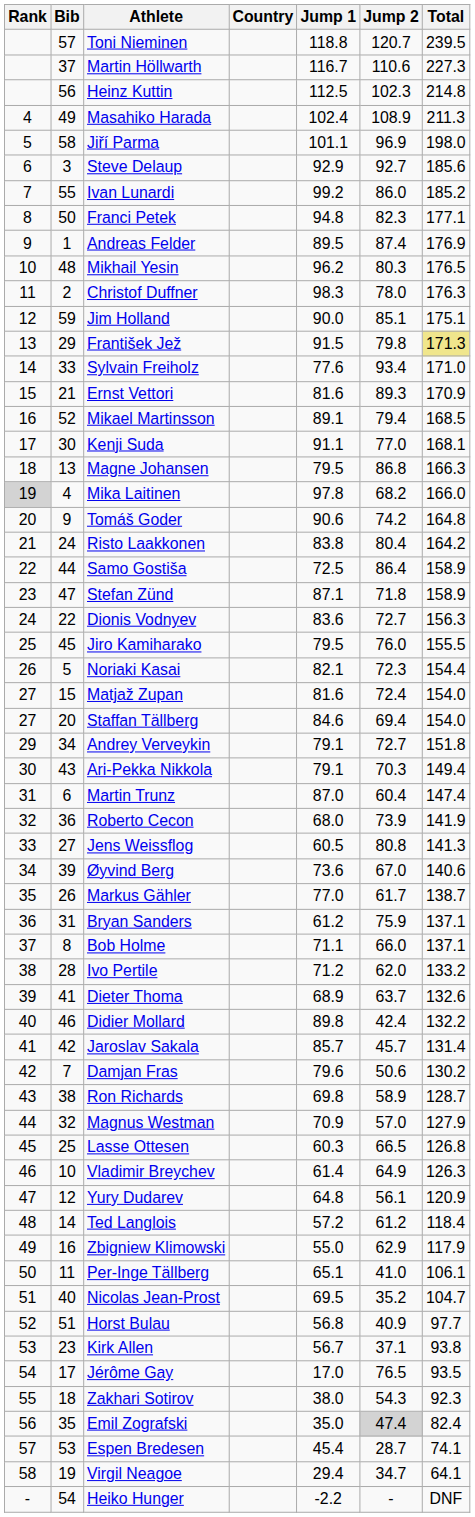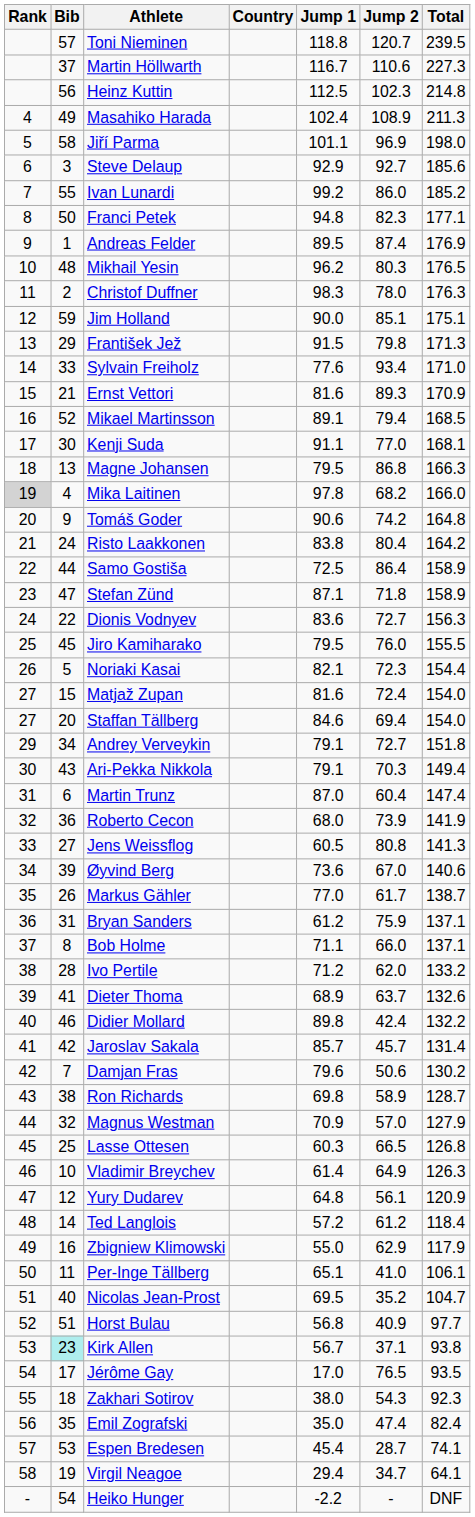 <table class="wikitable sortable" style="text-align:center">
 <tr>
 <th>Rank</th>
 <th>Bib</th>
 <th>Athlete</th>
 <th>Country</th>
 <th>Jump 1</th>
 <th>Jump 2</th>
 <th>Total</th>
 </tr>
 <tr>
 <td></td>
 <td>57</td>
 <td align=left><a href='#'>Toni Nieminen</a></td>
 <td align=left></td>
 <td>118.8</td>
 <td>120.7</td>
 <td>239.5</td>
 </tr>
 <tr>
 <td></td>
 <td>37</td>
 <td align=left><a href='#'>Martin Höllwarth</a></td>
 <td align=left></td>
 <td>116.7</td>
 <td>110.6</td>
 <td>227.3</td>
 </tr>
 <tr>
 <td></td>
 <td>56</td>
 <td align=left><a href='#'>Heinz Kuttin</a></td>
 <td align=left></td>
 <td>112.5</td>
 <td>102.3</td>
 <td>214.8</td>
 </tr>
 <tr>
 <td>4</td>
 <td>49</td>
 <td align=left><a href='#'>Masahiko Harada</a></td>
 <td align=left></td>
 <td>102.4</td>
 <td>108.9</td>
 <td>211.3</td>
 </tr>
 <tr>
 <td>5</td>
 <td>58</td>
 <td align=left><a href='#'>Jiří Parma</a></td>
 <td align=left></td>
 <td>101.1</td>
 <td>96.9</td>
 <td>198.0</td>
 </tr>
 <tr>
 <td>6</td>
 <td>3</td>
 <td align=left><a href='#'>Steve Delaup</a></td>
 <td align=left></td>
 <td>92.9</td>
 <td>92.7</td>
 <td>185.6</td>
 </tr>
 <tr>
 <td>7</td>
 <td>55</td>
 <td align=left><a href='#'>Ivan Lunardi</a></td>
 <td align=left></td>
 <td>99.2</td>
 <td>86.0</td>
 <td>185.2</td>
 </tr>
 <tr>
 <td>8</td>
 <td>50</td>
 <td align=left><a href='#'>Franci Petek</a></td>
 <td align=left></td>
 <td>94.8</td>
 <td>82.3</td>
 <td>177.1</td>
 </tr>
 <tr>
 <td>9</td>
 <td>1</td>
 <td align=left><a href='#'>Andreas Felder</a></td>
 <td align=left></td>
 <td>89.5</td>
 <td>87.4</td>
 <td>176.9</td>
 </tr>
 <tr>
 <td>10</td>
 <td>48</td>
 <td align=left><a href='#'>Mikhail Yesin</a></td>
 <td align=left></td>
 <td>96.2</td>
 <td>80.3</td>
 <td>176.5</td>
 </tr>
 <tr>
 <td>11</td>
 <td>2</td>
 <td align=left><a href='#'>Christof Duffner</a></td>
 <td align=left></td>
 <td>98.3</td>
 <td>78.0</td>
 <td>176.3</td>
 </tr>
 <tr>
 <td>12</td>
 <td>59</td>
 <td align=left><a href='#'>Jim Holland</a></td>
 <td align=left></td>
 <td>90.0</td>
 <td>85.1</td>
 <td>175.1</td>
 </tr>
 <tr>
 <td>13</td>
 <td>29</td>
 <td align=left><a href='#'>František Jež</a></td>
 <td align=left></td>
 <td>91.5</td>
 <td>79.8</td>
-<td style="background: khaki;">171.3</td>
+<td>171.3</td>
 </tr>
 <tr>
 <td>14</td>
 <td>33</td>
 <td align=left><a href='#'>Sylvain Freiholz</a></td>
 <td align=left></td>
 <td>77.6</td>
 <td>93.4</td>
 <td>171.0</td>
 </tr>
 <tr>
 <td>15</td>
 <td>21</td>
 <td align=left><a href='#'>Ernst Vettori</a></td>
 <td align=left></td>
 <td>81.6</td>
 <td>89.3</td>
 <td>170.9</td>
 </tr>
 <tr>
 <td>16</td>
 <td>52</td>
 <td align=left><a href='#'>Mikael Martinsson</a></td>
 <td align=left></td>
 <td>89.1</td>
 <td>79.4</td>
 <td>168.5</td>
 </tr>
 <tr>
 <td>17</td>
 <td>30</td>
 <td align=left><a href='#'>Kenji Suda</a></td>
 <td align=left></td>
 <td>91.1</td>
 <td>77.0</td>
 <td>168.1</td>
 </tr>
 <tr>
 <td>18</td>
 <td>13</td>
 <td align=left><a href='#'>Magne Johansen</a></td>
 <td align=left></td>
 <td>79.5</td>
 <td>86.8</td>
 <td>166.3</td>
 </tr>
 <tr>
 <td style="background: lightgrey;">19</td>
 <td>4</td>
 <td align=left><a href='#'>Mika Laitinen</a></td>
 <td align=left></td>
 <td>97.8</td>
 <td>68.2</td>
 <td>166.0</td>
 </tr>
 <tr>
 <td>20</td>
 <td>9</td>
 <td align=left><a href='#'>Tomáš Goder</a></td>
 <td align=left></td>
 <td>90.6</td>
 <td>74.2</td>
 <td>164.8</td>
 </tr>
 <tr>
 <td>21</td>
 <td>24</td>
 <td align=left><a href='#'>Risto Laakkonen</a></td>
 <td align=left></td>
 <td>83.8</td>
 <td>80.4</td>
 <td>164.2</td>
 </tr>
 <tr>
 <td>22</td>
 <td>44</td>
 <td align=left><a href='#'>Samo Gostiša</a></td>
 <td align=left></td>
 <td>72.5</td>
 <td>86.4</td>
 <td>158.9</td>
 </tr>
 <tr>
 <td>23</td>
 <td>47</td>
 <td align=left><a href='#'>Stefan Zünd</a></td>
 <td align=left></td>
 <td>87.1</td>
 <td>71.8</td>
 <td>158.9</td>
 </tr>
 <tr>
 <td>24</td>
 <td>22</td>
 <td align=left><a href='#'>Dionis Vodnyev</a></td>
 <td align=left></td>
 <td>83.6</td>
 <td>72.7</td>
 <td>156.3</td>
 </tr>
 <tr>
 <td>25</td>
 <td>45</td>
 <td align=left><a href='#'>Jiro Kamiharako</a></td>
 <td align=left></td>
 <td>79.5</td>
 <td>76.0</td>
 <td>155.5</td>
 </tr>
 <tr>
 <td>26</td>
 <td>5</td>
 <td align=left><a href='#'>Noriaki Kasai</a></td>
 <td align=left></td>
 <td>82.1</td>
 <td>72.3</td>
 <td>154.4</td>
 </tr>
 <tr>
 <td>27</td>
 <td>15</td>
 <td align=left><a href='#'>Matjaž Zupan</a></td>
 <td align=left></td>
 <td>81.6</td>
 <td>72.4</td>
 <td>154.0</td>
 </tr>
 <tr>
 <td>27</td>
 <td>20</td>
 <td align=left><a href='#'>Staffan Tällberg</a></td>
 <td align=left></td>
 <td>84.6</td>
 <td>69.4</td>
 <td>154.0</td>
 </tr>
 <tr>
 <td>29</td>
 <td>34</td>
 <td align=left><a href='#'>Andrey Verveykin</a></td>
 <td align=left></td>
 <td>79.1</td>
 <td>72.7</td>
 <td>151.8</td>
 </tr>
 <tr>
 <td>30</td>
 <td>43</td>
 <td align=left><a href='#'>Ari-Pekka Nikkola</a></td>
 <td align=left></td>
 <td>79.1</td>
 <td>70.3</td>
 <td>149.4</td>
 </tr>
 <tr>
 <td>31</td>
 <td>6</td>
 <td align=left><a href='#'>Martin Trunz</a></td>
 <td align=left></td>
 <td>87.0</td>
 <td>60.4</td>
 <td>147.4</td>
 </tr>
 <tr>
 <td>32</td>
 <td>36</td>
 <td align=left><a href='#'>Roberto Cecon</a></td>
 <td align=left></td>
 <td>68.0</td>
 <td>73.9</td>
 <td>141.9</td>
 </tr>
 <tr>
 <td>33</td>
 <td>27</td>
 <td align=left><a href='#'>Jens Weissflog</a></td>
 <td align=left></td>
 <td>60.5</td>
 <td>80.8</td>
 <td>141.3</td>
 </tr>
 <tr>
 <td>34</td>
 <td>39</td>
 <td align=left><a href='#'>Øyvind Berg</a></td>
 <td align=left></td>
 <td>73.6</td>
 <td>67.0</td>
 <td>140.6</td>
 </tr>
 <tr>
 <td>35</td>
 <td>26</td>
 <td align=left><a href='#'>Markus Gähler</a></td>
 <td align=left></td>
 <td>77.0</td>
 <td>61.7</td>
 <td>138.7</td>
 </tr>
 <tr>
 <td>36</td>
 <td>31</td>
 <td align=left><a href='#'>Bryan Sanders</a></td>
 <td align=left></td>
 <td>61.2</td>
 <td>75.9</td>
 <td>137.1</td>
 </tr>
 <tr>
 <td>37</td>
 <td>8</td>
 <td align=left><a href='#'>Bob Holme</a></td>
 <td align=left></td>
 <td>71.1</td>
 <td>66.0</td>
 <td>137.1</td>
 </tr>
 <tr>
 <td>38</td>
 <td>28</td>
 <td align=left><a href='#'>Ivo Pertile</a></td>
 <td align=left></td>
 <td>71.2</td>
 <td>62.0</td>
 <td>133.2</td>
 </tr>
 <tr>
 <td>39</td>
 <td>41</td>
 <td align=left><a href='#'>Dieter Thoma</a></td>
 <td align=left></td>
 <td>68.9</td>
 <td>63.7</td>
 <td>132.6</td>
 </tr>
 <tr>
 <td>40</td>
 <td>46</td>
 <td align=left><a href='#'>Didier Mollard</a></td>
 <td align=left></td>
 <td>89.8</td>
 <td>42.4</td>
 <td>132.2</td>
 </tr>
 <tr>
 <td>41</td>
 <td>42</td>
 <td align=left><a href='#'>Jaroslav Sakala</a></td>
 <td align=left></td>
 <td>85.7</td>
 <td>45.7</td>
 <td>131.4</td>
 </tr>
 <tr>
 <td>42</td>
 <td>7</td>
 <td align=left><a href='#'>Damjan Fras</a></td>
 <td align=left></td>
 <td>79.6</td>
 <td>50.6</td>
 <td>130.2</td>
 </tr>
 <tr>
 <td>43</td>
 <td>38</td>
 <td align=left><a href='#'>Ron Richards</a></td>
 <td align=left></td>
 <td>69.8</td>
 <td>58.9</td>
 <td>128.7</td>
 </tr>
 <tr>
 <td>44</td>
 <td>32</td>
 <td align=left><a href='#'>Magnus Westman</a></td>
 <td align=left></td>
 <td>70.9</td>
 <td>57.0</td>
 <td>127.9</td>
 </tr>
 <tr>
 <td>45</td>
 <td>25</td>
 <td align=left><a href='#'>Lasse Ottesen</a></td>
 <td align=left></td>
 <td>60.3</td>
 <td>66.5</td>
 <td>126.8</td>
 </tr>
 <tr>
 <td>46</td>
 <td>10</td>
 <td align=left><a href='#'>Vladimir Breychev</a></td>
 <td align=left></td>
 <td>61.4</td>
 <td>64.9</td>
 <td>126.3</td>
 </tr>
 <tr>
 <td>47</td>
 <td>12</td>
 <td align=left><a href='#'>Yury Dudarev</a></td>
 <td align=left></td>
 <td>64.8</td>
 <td>56.1</td>
 <td>120.9</td>
 </tr>
 <tr>
 <td>48</td>
 <td>14</td>
 <td align=left><a href='#'>Ted Langlois</a></td>
 <td align=left></td>
 <td>57.2</td>
 <td>61.2</td>
 <td>118.4</td>
 </tr>
 <tr>
 <td>49</td>
 <td>16</td>
 <td align=left><a href='#'>Zbigniew Klimowski</a></td>
 <td align=left></td>
 <td>55.0</td>
 <td>62.9</td>
 <td>117.9</td>
 </tr>
 <tr>
 <td>50</td>
 <td>11</td>
 <td align=left><a href='#'>Per-Inge Tällberg</a></td>
 <td align=left></td>
 <td>65.1</td>
 <td>41.0</td>
 <td>106.1</td>
 </tr>
 <tr>
 <td>51</td>
 <td>40</td>
 <td align=left><a href='#'>Nicolas Jean-Prost</a></td>
 <td align=left></td>
 <td>69.5</td>
 <td>35.2</td>
 <td>104.7</td>
 </tr>
 <tr>
 <td>52</td>
 <td>51</td>
 <td align=left><a href='#'>Horst Bulau</a></td>
 <td align=left></td>
 <td>56.8</td>
 <td>40.9</td>
 <td>97.7</td>
 </tr>
 <tr>
 <td>53</td>
-<td>23</td>
+<td style="background: paleturquoise;">23</td>
 <td align=left><a href='#'>Kirk Allen</a></td>
 <td align=left></td>
 <td>56.7</td>
 <td>37.1</td>
 <td>93.8</td>
 </tr>
 <tr>
 <td>54</td>
 <td>17</td>
 <td align=left><a href='#'>Jérôme Gay</a></td>
 <td align=left></td>
 <td>17.0</td>
 <td>76.5</td>
 <td>93.5</td>
 </tr>
 <tr>
 <td>55</td>
 <td>18</td>
 <td align=left><a href='#'>Zakhari Sotirov</a></td>
 <td align=left></td>
 <td>38.0</td>
 <td>54.3</td>
 <td>92.3</td>
 </tr>
 <tr>
 <td>56</td>
 <td>35</td>
 <td align=left><a href='#'>Emil Zografski</a></td>
 <td align=left></td>
 <td>35.0</td>
-<td style="background: lightgrey;">47.4</td>
+<td>47.4</td>
 <td>82.4</td>
 </tr>
 <tr>
 <td>57</td>
 <td>53</td>
 <td align=left><a href='#'>Espen Bredesen</a></td>
 <td align=left></td>
 <td>45.4</td>
 <td>28.7</td>
 <td>74.1</td>
 </tr>
 <tr>
 <td>58</td>
 <td>19</td>
 <td align=left><a href='#'>Virgil Neagoe</a></td>
 <td align=left></td>
 <td>29.4</td>
 <td>34.7</td>
 <td>64.1</td>
 </tr>
 <tr>
 <td>-</td>
 <td>54</td>
 <td align=left><a href='#'>Heiko Hunger</a></td>
 <td align=left></td>
 <td>-2.2</td>
 <td>-</td>
 <td>DNF</td>
 </tr>
 </table>
